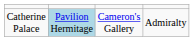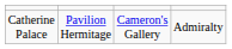 <table Class = "wikitable" style = "text-align: center">
 <tr>
 <td style="width:25px;"></td>
 <td style="width:25px;"></td>
 <td style="width:25px;"></td>
 <td style="width:25px;"></td>
 </tr>
 <tr>
 <td>Catherine Palace</td>
-<td style="background: lightblue;"><a href='#'>Pavilion</a> Hermitage</td>
+<td><a href='#'>Pavilion</a> Hermitage</td>
 <td><a href='#'>Cameron's</a> Gallery</td>
 <td>Admiralty</td>
 </tr>
 </table>
